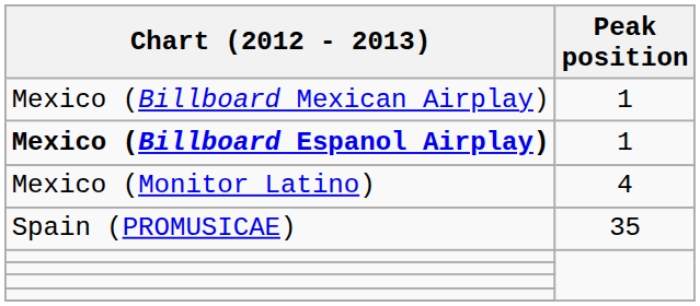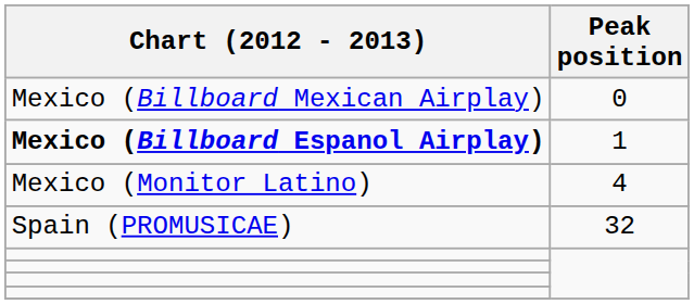 <table class="wikitable sortable">
 <tr>
 <th>Chart (2012 - 2013)</th>
 <th>Peak<br>position</th>
 </tr>
 <tr>
 <td align="left">Mexico (<a href='#'><em>Billboard</em> Mexican Airplay</a>)</td>
-<td style="text-align:center;">1</td>
+<td style="text-align:center;">0</td>
 </tr>
 <tr>
 <td><strong>Mexico (<a href='#'><em>Billboard</em> Espanol Airplay</a>)</strong></td>
 <td style="text-align:center;">1</td>
 </tr>
 <tr>
 <td>Mexico (<a href='#'>Monitor Latino</a>)</td>
 <td style="text-align:center;">4</td>
 </tr>
 <tr>
 <td>Spain (<a href='#'>PROMUSICAE</a>)</td>
-<td style="text-align:center;">35</td>
+<td style="text-align:center;">32</td>
 </tr>
 <tr>
 <td></td>
 </tr>
 <tr>
 <td></td>
 </tr>
 <tr>
 <td></td>
 </tr>
 <tr>
 <td></td>
 </tr>
 <tr>
 </tr>
 </table>
